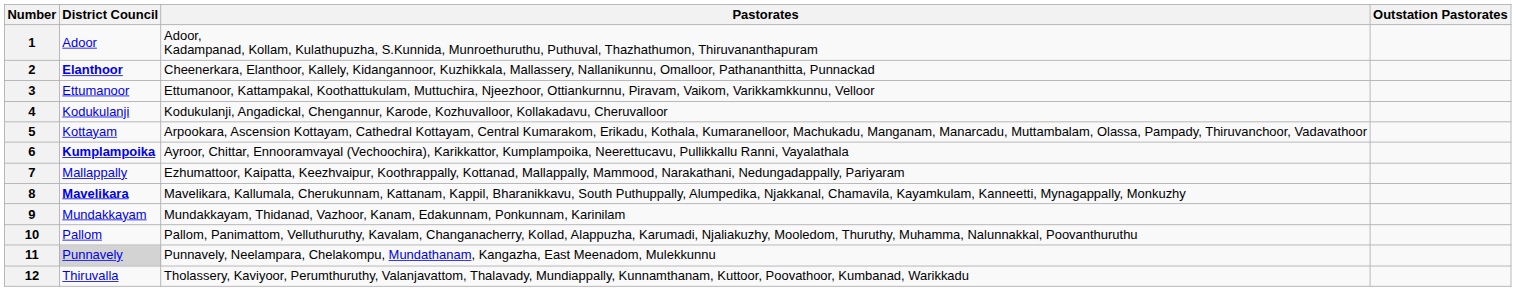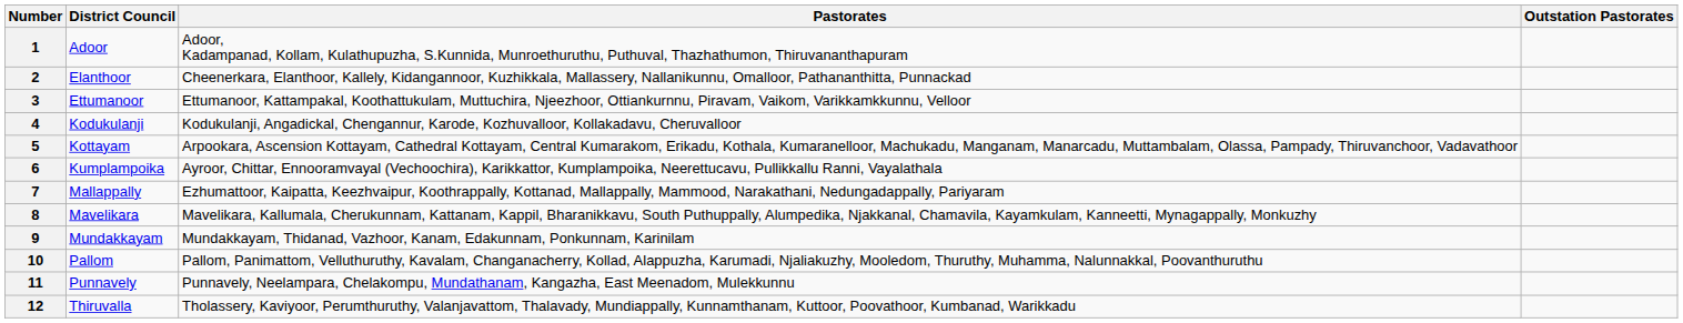 <table class="wikitable sortable">
 <tr style="background:#ececec;">
 <th>Number</th>
 <th>District Council</th>
 <th>Pastorates</th>
 <th>Outstation Pastorates</th>
 </tr>
 <tr>
 <th>1</th>
 <td><a href='#'>Adoor</a></td>
 <td>Adoor,<br>Kadampanad, Kollam, Kulathupuzha, S.Kunnida, Munroethuruthu, Puthuval, Thazhathumon, Thiruvananthapuram</td>
 <td></td>
 </tr>
 <tr>
 <th>2</th>
-<td><strong><a href='#'>Elanthoor</a></strong></td>
+<td><a href='#'>Elanthoor</a></td>
 <td>Cheenerkara, Elanthoor, Kallely, Kidangannoor, Kuzhikkala, Mallassery, Nallanikunnu, Omalloor, Pathananthitta, Punnackad</td>
 <td></td>
 </tr>
 <tr>
 <th>3</th>
 <td><a href='#'>Ettumanoor</a></td>
 <td>Ettumanoor, Kattampakal, Koothattukulam, Muttuchira, Njeezhoor, Ottiankurnnu, Piravam, Vaikom, Varikkamkkunnu, Velloor</td>
 <td></td>
 </tr>
 <tr>
 <th>4</th>
 <td><a href='#'>Kodukulanji</a></td>
 <td>Kodukulanji, Angadickal, Chengannur, Karode, Kozhuvalloor, Kollakadavu, Cheruvalloor</td>
 </tr>
 <tr>
 <th>5</th>
 <td><a href='#'>Kottayam</a></td>
 <td>Arpookara, Ascension Kottayam, Cathedral Kottayam, Central Kumarakom, Erikadu, Kothala, Kumaranelloor, Machukadu, Manganam, Manarcadu, Muttambalam, Olassa, Pampady, Thiruvanchoor, Vadavathoor</td>
 <td></td>
 </tr>
 <tr>
 <th>6</th>
-<td><strong><a href='#'>Kumplampoika</a></strong></td>
+<td><a href='#'>Kumplampoika</a></td>
 <td>Ayroor, Chittar, Ennooramvayal (Vechoochira), Karikkattor, Kumplampoika, Neerettucavu, Pullikkallu Ranni, Vayalathala</td>
 <td></td>
 </tr>
 <tr>
 <th>7</th>
 <td><a href='#'>Mallappally</a></td>
 <td>Ezhumattoor, Kaipatta, Keezhvaipur, Koothrappally, Kottanad, Mallappally, Mammood, Narakathani, Nedungadappally, Pariyaram</td>
 <td></td>
 </tr>
 <tr>
 <th>8</th>
-<td><strong><a href='#'>Mavelikara</a></strong></td>
+<td><a href='#'>Mavelikara</a></td>
 <td>Mavelikara, Kallumala, Cherukunnam, Kattanam, Kappil, Bharanikkavu, South Puthuppally, Alumpedika, Njakkanal, Chamavila, Kayamkulam, Kanneetti, Mynagappally, Monkuzhy</td>
 <td></td>
 </tr>
 <tr>
 <th>9</th>
 <td><a href='#'>Mundakkayam</a></td>
 <td>Mundakkayam, Thidanad, Vazhoor, Kanam, Edakunnam, Ponkunnam, Karinilam</td>
 <td></td>
 </tr>
 <tr>
 <th>10</th>
 <td><a href='#'>Pallom</a></td>
 <td>Pallom, Panimattom, Velluthuruthy, Kavalam, Changanacherry, Kollad, Alappuzha, Karumadi, Njaliakuzhy, Mooledom, Thuruthy, Muhamma, Nalunnakkal, Poovanthuruthu</td>
 <td></td>
 </tr>
 <tr>
 <th>11</th>
-<td style="background: lightgrey;"><a href='#'>Punnavely</a></td>
+<td><a href='#'>Punnavely</a></td>
 <td>Punnavely, Neelampara, Chelakompu, <a href='#'>Mundathanam</a>, Kangazha, East Meenadom, Mulekkunnu</td>
 <td></td>
 </tr>
 <tr>
 <th>12</th>
 <td><a href='#'>Thiruvalla</a></td>
 <td>Tholassery, Kaviyoor, Perumthuruthy, Valanjavattom, Thalavady, Mundiappally, Kunnamthanam, Kuttoor, Poovathoor, Kumbanad, Warikkadu</td>
 <td></td>
 </tr>
 </table>
